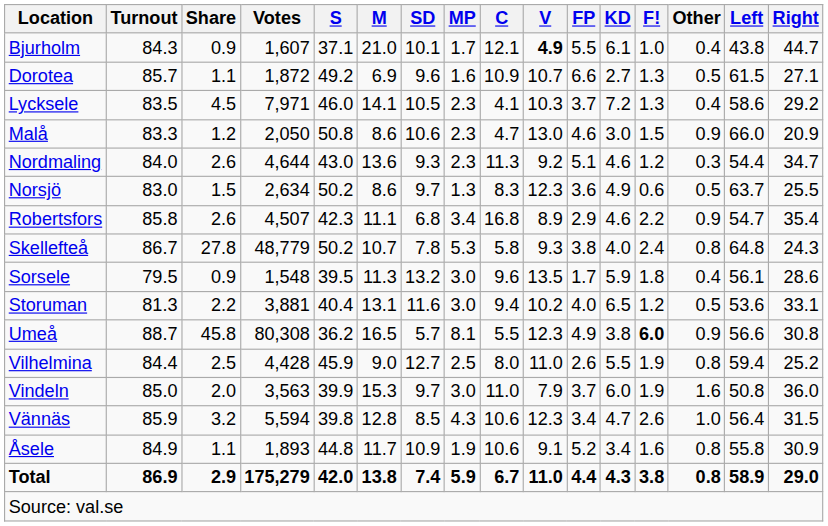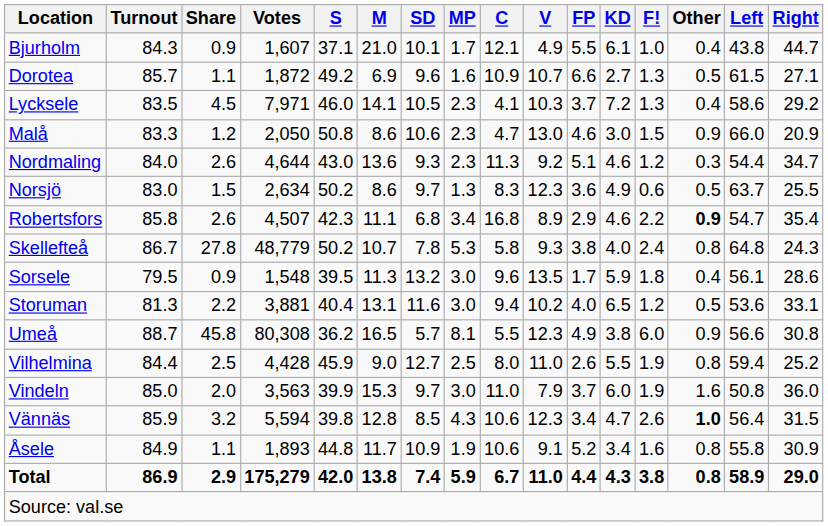 <table class="wikitable sortable" style=text-align:right>
 <tr>
 <th>Location</th>
 <th>Turnout</th>
 <th>Share</th>
 <th>Votes</th>
 <th><a href='#'>S</a></th>
 <th><a href='#'>M</a></th>
 <th><a href='#'>SD</a></th>
 <th><a href='#'>MP</a></th>
 <th><a href='#'>C</a></th>
 <th><a href='#'>V</a></th>
 <th><a href='#'>FP</a></th>
 <th><a href='#'>KD</a></th>
 <th><a href='#'>F!</a></th>
 <th>Other</th>
 <th><a href='#'>Left</a></th>
 <th><a href='#'>Right</a></th>
 </tr>
 <tr>
 <td align=left><a href='#'>Bjurholm</a></td>
 <td>84.3</td>
 <td>0.9</td>
 <td>1,607</td>
 <td>37.1</td>
 <td>21.0</td>
 <td>10.1</td>
 <td>1.7</td>
 <td>12.1</td>
-<td><strong>4.9</strong></td>
+<td>4.9</td>
 <td>5.5</td>
 <td>6.1</td>
 <td>1.0</td>
 <td>0.4</td>
 <td>43.8</td>
 <td>44.7</td>
 </tr>
 <tr>
 <td align=left><a href='#'>Dorotea</a></td>
 <td>85.7</td>
 <td>1.1</td>
 <td>1,872</td>
 <td>49.2</td>
 <td>6.9</td>
 <td>9.6</td>
 <td>1.6</td>
 <td>10.9</td>
 <td>10.7</td>
 <td>6.6</td>
 <td>2.7</td>
 <td>1.3</td>
 <td>0.5</td>
 <td>61.5</td>
 <td>27.1</td>
 </tr>
 <tr>
 <td align=left><a href='#'>Lycksele</a></td>
 <td>83.5</td>
 <td>4.5</td>
 <td>7,971</td>
 <td>46.0</td>
 <td>14.1</td>
 <td>10.5</td>
 <td>2.3</td>
 <td>4.1</td>
 <td>10.3</td>
 <td>3.7</td>
 <td>7.2</td>
 <td>1.3</td>
 <td>0.4</td>
 <td>58.6</td>
 <td>29.2</td>
 </tr>
 <tr>
 <td align=left><a href='#'>Malå</a></td>
 <td>83.3</td>
 <td>1.2</td>
 <td>2,050</td>
 <td>50.8</td>
 <td>8.6</td>
 <td>10.6</td>
 <td>2.3</td>
 <td>4.7</td>
 <td>13.0</td>
 <td>4.6</td>
 <td>3.0</td>
 <td>1.5</td>
 <td>0.9</td>
 <td>66.0</td>
 <td>20.9</td>
 </tr>
 <tr>
 <td align=left><a href='#'>Nordmaling</a></td>
 <td>84.0</td>
 <td>2.6</td>
 <td>4,644</td>
 <td>43.0</td>
 <td>13.6</td>
 <td>9.3</td>
 <td>2.3</td>
 <td>11.3</td>
 <td>9.2</td>
 <td>5.1</td>
 <td>4.6</td>
 <td>1.2</td>
 <td>0.3</td>
 <td>54.4</td>
 <td>34.7</td>
 </tr>
 <tr>
 <td align=left><a href='#'>Norsjö</a></td>
 <td>83.0</td>
 <td>1.5</td>
 <td>2,634</td>
 <td>50.2</td>
 <td>8.6</td>
 <td>9.7</td>
 <td>1.3</td>
 <td>8.3</td>
 <td>12.3</td>
 <td>3.6</td>
 <td>4.9</td>
 <td>0.6</td>
 <td>0.5</td>
 <td>63.7</td>
 <td>25.5</td>
 </tr>
 <tr>
 <td align=left><a href='#'>Robertsfors</a></td>
 <td>85.8</td>
 <td>2.6</td>
 <td>4,507</td>
 <td>42.3</td>
 <td>11.1</td>
 <td>6.8</td>
 <td>3.4</td>
 <td>16.8</td>
 <td>8.9</td>
 <td>2.9</td>
 <td>4.6</td>
 <td>2.2</td>
-<td>0.9</td>
+<td><strong>0.9</strong></td>
 <td>54.7</td>
 <td>35.4</td>
 </tr>
 <tr>
 <td align=left><a href='#'>Skellefteå</a></td>
 <td>86.7</td>
 <td>27.8</td>
 <td>48,779</td>
 <td>50.2</td>
 <td>10.7</td>
 <td>7.8</td>
 <td>5.3</td>
 <td>5.8</td>
 <td>9.3</td>
 <td>3.8</td>
 <td>4.0</td>
 <td>2.4</td>
 <td>0.8</td>
 <td>64.8</td>
 <td>24.3</td>
 </tr>
 <tr>
 <td align=left><a href='#'>Sorsele</a></td>
 <td>79.5</td>
 <td>0.9</td>
 <td>1,548</td>
 <td>39.5</td>
 <td>11.3</td>
 <td>13.2</td>
 <td>3.0</td>
 <td>9.6</td>
 <td>13.5</td>
 <td>1.7</td>
 <td>5.9</td>
 <td>1.8</td>
 <td>0.4</td>
 <td>56.1</td>
 <td>28.6</td>
 </tr>
 <tr>
 <td align=left><a href='#'>Storuman</a></td>
 <td>81.3</td>
 <td>2.2</td>
 <td>3,881</td>
 <td>40.4</td>
 <td>13.1</td>
 <td>11.6</td>
 <td>3.0</td>
 <td>9.4</td>
 <td>10.2</td>
 <td>4.0</td>
 <td>6.5</td>
 <td>1.2</td>
 <td>0.5</td>
 <td>53.6</td>
 <td>33.1</td>
 </tr>
 <tr>
 <td align=left><a href='#'>Umeå</a></td>
 <td>88.7</td>
 <td>45.8</td>
 <td>80,308</td>
 <td>36.2</td>
 <td>16.5</td>
 <td>5.7</td>
 <td>8.1</td>
 <td>5.5</td>
 <td>12.3</td>
 <td>4.9</td>
 <td>3.8</td>
-<td><strong>6.0</strong></td>
+<td>6.0</td>
 <td>0.9</td>
 <td>56.6</td>
 <td>30.8</td>
 </tr>
 <tr>
 <td align=left><a href='#'>Vilhelmina</a></td>
 <td>84.4</td>
 <td>2.5</td>
 <td>4,428</td>
 <td>45.9</td>
 <td>9.0</td>
 <td>12.7</td>
 <td>2.5</td>
 <td>8.0</td>
 <td>11.0</td>
 <td>2.6</td>
 <td>5.5</td>
 <td>1.9</td>
 <td>0.8</td>
 <td>59.4</td>
 <td>25.2</td>
 </tr>
 <tr>
 <td align=left><a href='#'>Vindeln</a></td>
 <td>85.0</td>
 <td>2.0</td>
 <td>3,563</td>
 <td>39.9</td>
 <td>15.3</td>
 <td>9.7</td>
 <td>3.0</td>
 <td>11.0</td>
 <td>7.9</td>
 <td>3.7</td>
 <td>6.0</td>
 <td>1.9</td>
 <td>1.6</td>
 <td>50.8</td>
 <td>36.0</td>
 </tr>
 <tr>
 <td align=left><a href='#'>Vännäs</a></td>
 <td>85.9</td>
 <td>3.2</td>
 <td>5,594</td>
 <td>39.8</td>
 <td>12.8</td>
 <td>8.5</td>
 <td>4.3</td>
 <td>10.6</td>
 <td>12.3</td>
 <td>3.4</td>
 <td>4.7</td>
 <td>2.6</td>
-<td>1.0</td>
+<td><strong>1.0</strong></td>
 <td>56.4</td>
 <td>31.5</td>
 </tr>
 <tr>
 <td align=left><a href='#'>Åsele</a></td>
 <td>84.9</td>
 <td>1.1</td>
 <td>1,893</td>
 <td>44.8</td>
 <td>11.7</td>
 <td>10.9</td>
 <td>1.9</td>
 <td>10.6</td>
 <td>9.1</td>
 <td>5.2</td>
 <td>3.4</td>
 <td>1.6</td>
 <td>0.8</td>
 <td>55.8</td>
 <td>30.9</td>
 </tr>
 <tr>
 <td align=left><strong>Total</strong></td>
 <td><strong>86.9</strong></td>
 <td><strong>2.9</strong></td>
 <td><strong>175,279</strong></td>
 <td><strong>42.0</strong></td>
 <td><strong>13.8</strong></td>
 <td><strong>7.4</strong></td>
 <td><strong>5.9</strong></td>
 <td><strong>6.7</strong></td>
 <td><strong>11.0</strong></td>
 <td><strong>4.4</strong></td>
 <td><strong>4.3</strong></td>
 <td><strong>3.8</strong></td>
 <td><strong>0.8</strong></td>
 <td><strong>58.9</strong></td>
 <td><strong>29.0</strong></td>
 </tr>
 <tr>
 <td align=left colspan=16>Source: val.se </td>
 </tr>
 </table>
